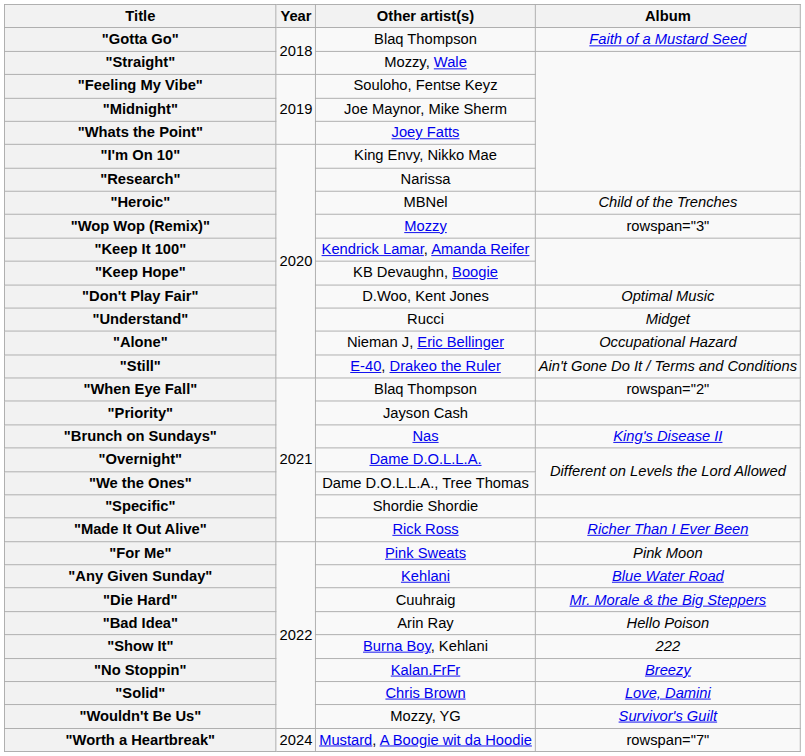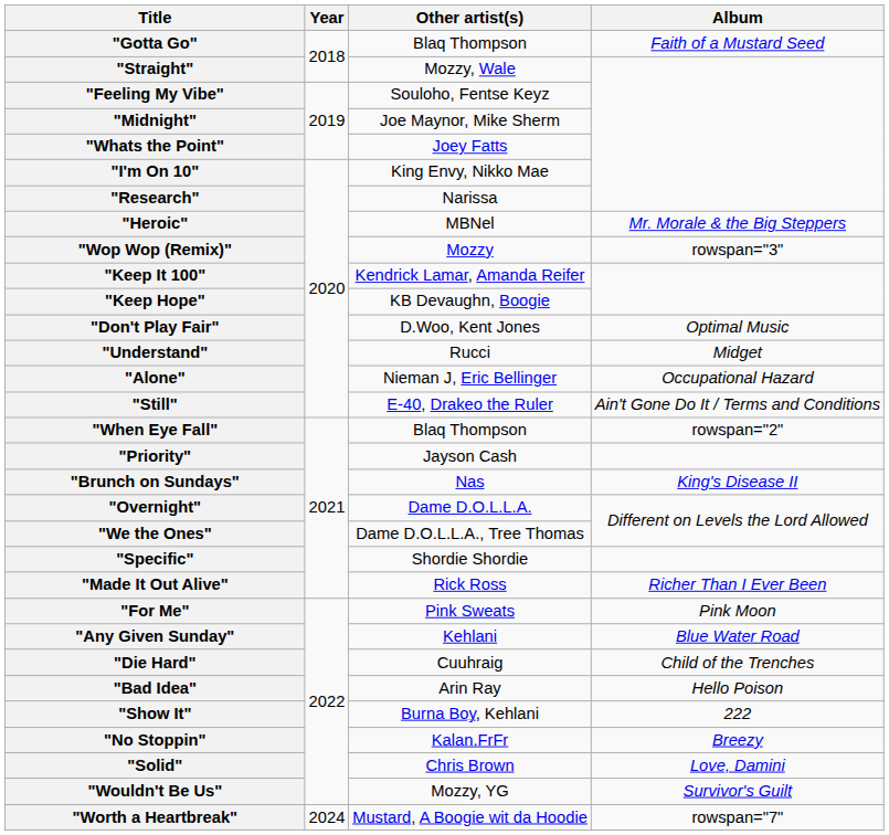 <table class="wikitable plainrowheaders" style="text-align:center;">
 <tr>
 <th scope="col" style="width:18em;">Title</th>
 <th scope="col">Year</th>
 <th scope="col">Other artist(s)</th>
 <th scope="col">Album</th>
 </tr>
 <tr>
 <th scope="row">"Gotta Go"</th>
 <td rowspan="2">2018</td>
 <td>Blaq Thompson</td>
 <td><em><a href='#'>Faith of a Mustard Seed</a></em></td>
 </tr>
 <tr>
 <th scope="row">"Straight"</th>
 <td>Mozzy, <a href='#'>Wale</a></td>
 </tr>
 <tr>
 <th scope="row">"Feeling My Vibe"</th>
 <td rowspan="3">2019</td>
 <td>Souloho, Fentse Keyz</td>
 </tr>
 <tr>
 <th scope="row">"Midnight"</th>
 <td>Joe Maynor, Mike Sherm</td>
 </tr>
 <tr>
 <th scope="row">"Whats the Point"</th>
 <td><a href='#'>Joey Fatts</a></td>
 </tr>
 <tr>
 <th scope="row">"I'm On 10"</th>
 <td rowspan="10">2020</td>
 <td>King Envy, Nikko Mae</td>
 </tr>
 <tr>
 <th scope="row">"Research"</th>
 <td>Narissa</td>
 </tr>
 <tr>
 <th scope="row">"Heroic"</th>
 <td>MBNel</td>
-<td><em>Child of the Trenches</em></td>
+<td><em><a href='#'>Mr. Morale & the Big Steppers</a></em></td>
 </tr>
 <tr>
 <th scope="row">"Wop Wop (Remix)"</th>
 <td><a href='#'>Mozzy</a></td>
 <td>rowspan="3" </td>
 </tr>
 <tr>
 <th scope="row">"Keep It 100"</th>
 <td><a href='#'>Kendrick Lamar</a>, <a href='#'>Amanda Reifer</a></td>
 </tr>
 <tr>
 <th scope="row">"Keep Hope"</th>
 <td>KB Devaughn, <a href='#'>Boogie</a></td>
 </tr>
 <tr>
 <th scope="row">"Don't Play Fair"</th>
 <td>D.Woo, Kent Jones</td>
 <td><em>Optimal Music</em></td>
 </tr>
 <tr>
 <th scope="row">"Understand"</th>
 <td>Rucci</td>
 <td><em>Midget</em></td>
 </tr>
 <tr>
 <th scope="row">"Alone"</th>
 <td>Nieman J, <a href='#'>Eric Bellinger</a></td>
 <td><em>Occupational Hazard</em></td>
 </tr>
 <tr>
 <th scope="row">"Still"</th>
 <td><a href='#'>E-40</a>, <a href='#'>Drakeo the Ruler</a></td>
 <td><em>Ain't Gone Do It / Terms and Conditions</em></td>
 </tr>
 <tr>
 <th scope="row">"When Eye Fall"</th>
 <td rowspan="7">2021</td>
 <td>Blaq Thompson</td>
 <td>rowspan="2" </td>
 </tr>
 <tr>
 <th scope="row">"Priority"</th>
 <td>Jayson Cash</td>
 </tr>
 <tr>
 <th scope="row">"Brunch on Sundays"</th>
 <td><a href='#'>Nas</a></td>
 <td><em><a href='#'>King's Disease II</a></em></td>
 </tr>
 <tr>
 <th scope="row">"Overnight"</th>
 <td><a href='#'>Dame D.O.L.L.A.</a></td>
 <td rowspan="2"><em>Different on Levels the Lord Allowed</em></td>
 </tr>
 <tr>
 <th scope="row">"We the Ones"</th>
 <td>Dame D.O.L.L.A., Tree Thomas</td>
 </tr>
 <tr>
 <th scope="row">"Specific"</th>
 <td>Shordie Shordie</td>
 <td></td>
 </tr>
 <tr>
 <th scope="row">"Made It Out Alive"</th>
 <td><a href='#'>Rick Ross</a></td>
 <td><em><a href='#'>Richer Than I Ever Been</a></em></td>
 </tr>
 <tr>
 <th scope="row">"For Me"</th>
 <td rowspan="8">2022</td>
 <td><a href='#'>Pink Sweats</a></td>
 <td><em>Pink Moon</em></td>
 </tr>
 <tr>
 <th scope="row">"Any Given Sunday"</th>
 <td><a href='#'>Kehlani</a></td>
 <td><em><a href='#'>Blue Water Road</a></em></td>
 </tr>
 <tr>
 <th scope="row">"Die Hard"</th>
 <td>Cuuhraig</td>
-<td><em><a href='#'>Mr. Morale & the Big Steppers</a></em></td>
+<td><em>Child of the Trenches</em></td>
 </tr>
 <tr>
 <th scope="row">"Bad Idea"</th>
 <td>Arin Ray</td>
 <td><em>Hello Poison</em></td>
 </tr>
 <tr>
 <th scope="row">"Show It"</th>
 <td><a href='#'>Burna Boy</a>, Kehlani</td>
 <td><em>222</em></td>
 </tr>
 <tr>
 <th scope="row">"No Stoppin"</th>
 <td><a href='#'>Kalan.FrFr</a></td>
 <td><em><a href='#'>Breezy</a></em></td>
 </tr>
 <tr>
 <th scope="row">"Solid"</th>
 <td><a href='#'>Chris Brown</a></td>
 <td><em><a href='#'>Love, Damini</a></em></td>
 </tr>
 <tr>
 <th scope="row">"Wouldn't Be Us"</th>
 <td>Mozzy, YG</td>
 <td><em><a href='#'>Survivor's Guilt</a></em></td>
 </tr>
 <tr>
 <th scope="row">"Worth a Heartbreak"</th>
 <td>2024</td>
 <td><a href='#'>Mustard</a>, <a href='#'>A Boogie wit da Hoodie</a></td>
 <td>rowspan="7" </td>
 </tr>
 </table>
